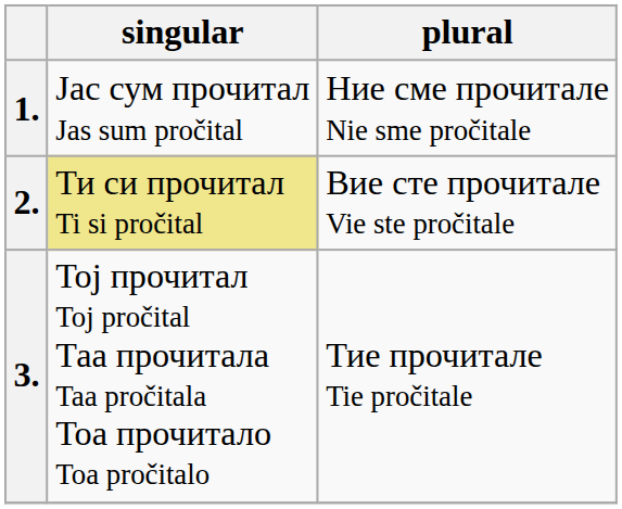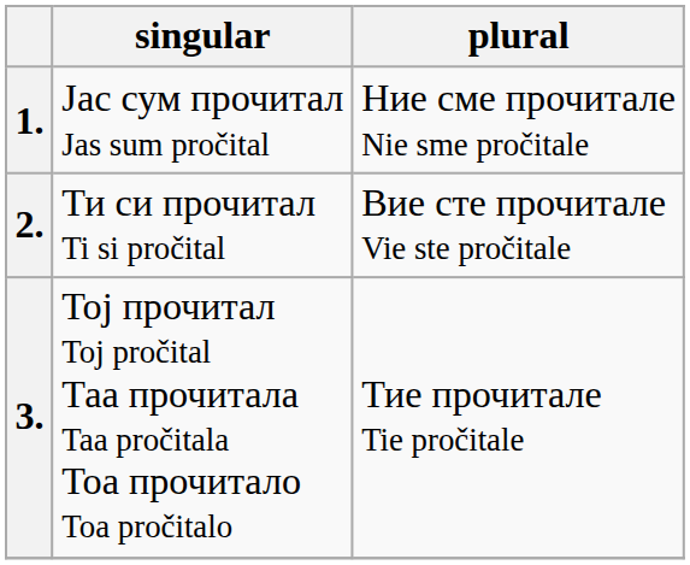 <table class="wikitable">
 <tr>
 <th></th>
 <th><span>singular</span></th>
 <th><span>plural</span></th>
 </tr>
 <tr>
 <th><span>1.</span></th>
 <td>Јас сум прочитал<br><span><small>Jas sum pročital</small></span></td>
 <td>Ние сме прочитале<br><span><small>Nie sme pročitale</small></span></td>
 </tr>
 <tr>
 <th><span>2.</span></th>
-<td style="background: khaki;">Ти си прочитал<br><span><small>Ti si pročital</small></span></td>
+<td>Ти си прочитал<br><span><small>Ti si pročital</small></span></td>
 <td>Вие сте прочитале<br><span><small>Vie ste pročitale</small></span></td>
 </tr>
 <tr>
 <th><span>3.</span></th>
 <td>Тој прочитал<br><span><small>Toj pročital</small></span><br>Таа прочитала<br><span><small>Taa  pročitala</small></span><br>Тоa прочиталo<br><span><small>Toа pročitalо</small></span></td>
 <td>Тие прочитале<br><span><small>Tie pročitale</small></span></td>
 </tr>
 <tr>
 </tr>
 </table>
